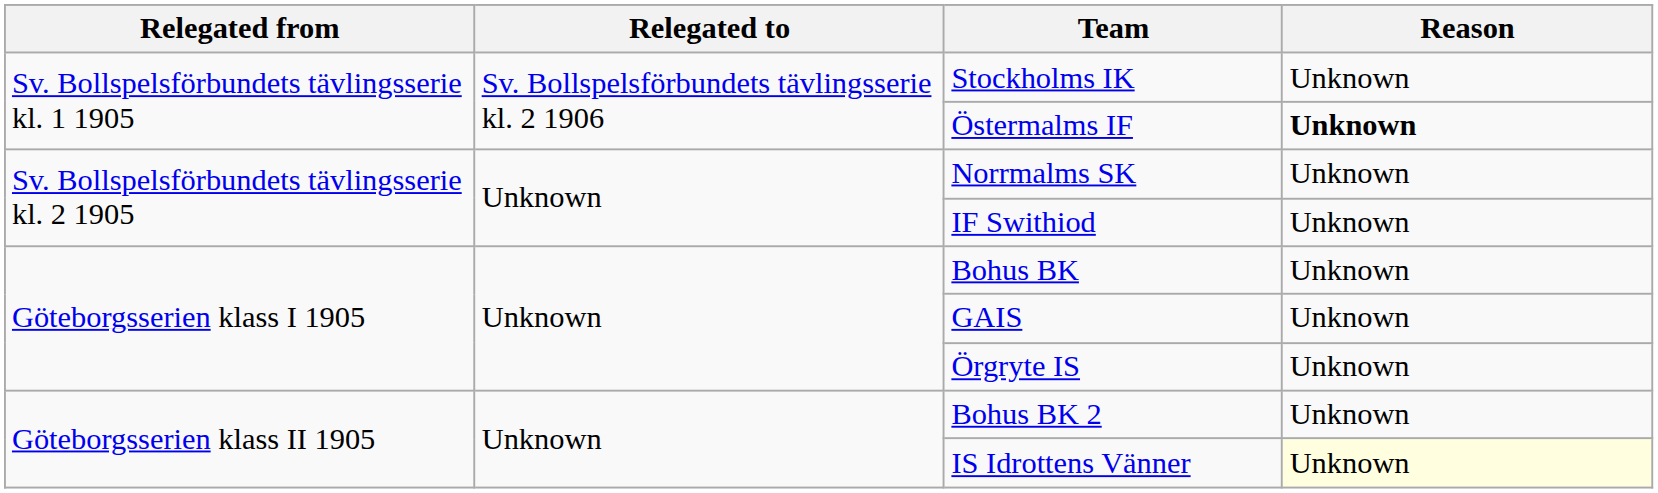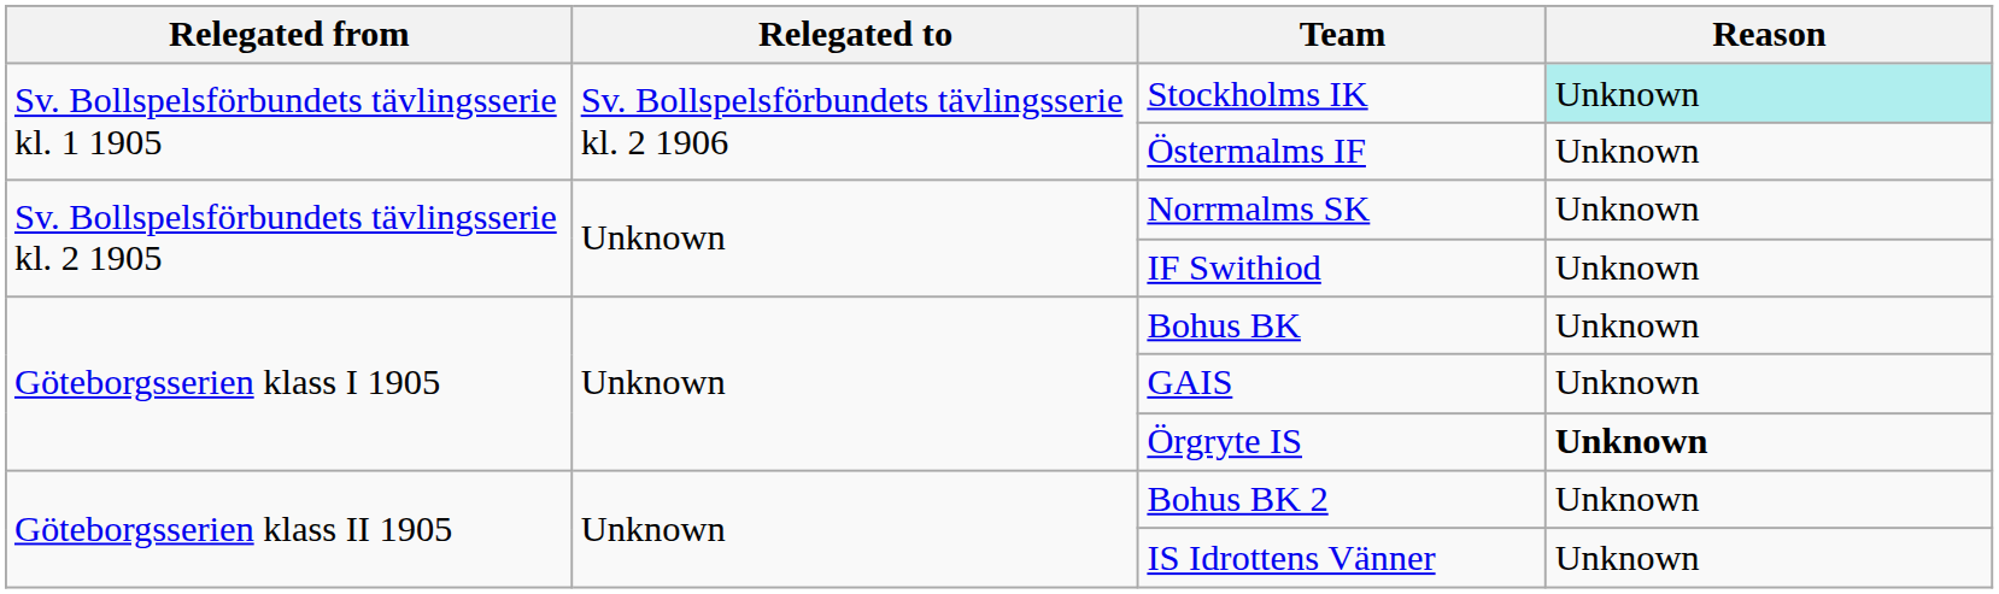 <table class="wikitable" style="text-align: left;">
 <tr>
 <th style="width: 275px;">Relegated from</th>
 <th style="width: 275px;">Relegated to</th>
 <th style="width: 200px;">Team</th>
 <th style="width: 225px;">Reason</th>
 </tr>
 <tr>
 <td rowspan=2><a href='#'>Sv. Bollspelsförbundets tävlingsserie</a> kl. 1 1905</td>
 <td rowspan=2><a href='#'>Sv. Bollspelsförbundets tävlingsserie</a> kl. 2 1906</td>
 <td><a href='#'>Stockholms IK</a></td>
-<td>Unknown</td>
+<td style="background: paleturquoise;">Unknown</td>
 </tr>
 <tr>
 <td><a href='#'>Östermalms IF</a></td>
-<td><strong>Unknown</strong></td>
+<td>Unknown</td>
 </tr>
 <tr>
 <td rowspan=2><a href='#'>Sv. Bollspelsförbundets tävlingsserie</a> kl. 2 1905</td>
 <td rowspan=2>Unknown</td>
 <td><a href='#'>Norrmalms SK</a></td>
 <td>Unknown</td>
 </tr>
 <tr>
 <td><a href='#'>IF Swithiod</a></td>
 <td>Unknown</td>
 </tr>
 <tr>
 <td rowspan=3><a href='#'>Göteborgsserien</a> klass I 1905</td>
 <td rowspan=3>Unknown</td>
 <td><a href='#'>Bohus BK</a></td>
 <td>Unknown</td>
 </tr>
 <tr>
 <td><a href='#'>GAIS</a></td>
 <td>Unknown</td>
 </tr>
 <tr>
 <td><a href='#'>Örgryte IS</a></td>
-<td>Unknown</td>
+<td><strong>Unknown</strong></td>
 </tr>
 <tr>
 <td rowspan=2><a href='#'>Göteborgsserien</a> klass II 1905</td>
 <td rowspan=2>Unknown</td>
 <td><a href='#'>Bohus BK 2</a></td>
 <td>Unknown</td>
 </tr>
 <tr>
 <td><a href='#'>IS Idrottens Vänner</a></td>
-<td style="background: lightyellow;">Unknown</td>
+<td>Unknown</td>
 </tr>
 </table>
